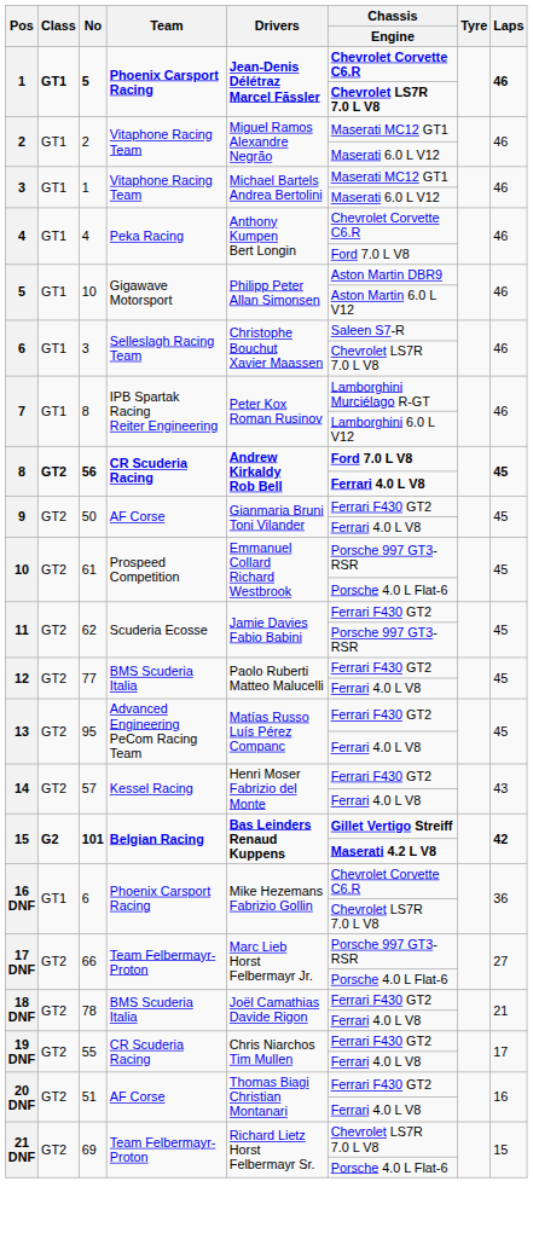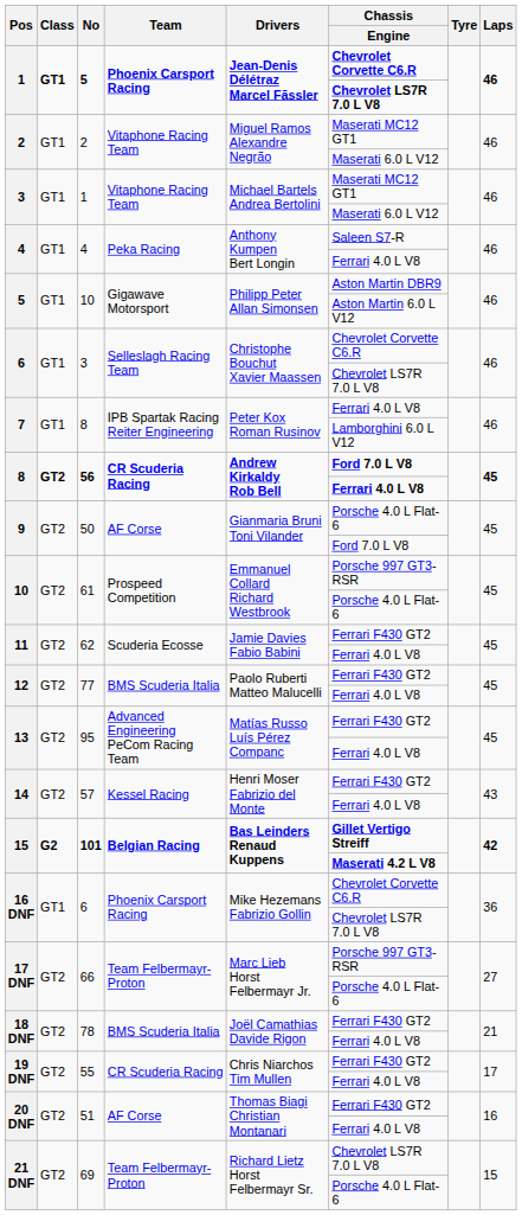 <table class="wikitable" style="font-size: 95%;">
 <tr>
 <th rowspan=2>Pos</th>
 <th rowspan=2>Class</th>
 <th rowspan=2>No</th>
 <th rowspan=2>Team</th>
 <th rowspan=2>Drivers</th>
 <th>Chassis</th>
 <th rowspan=2>Tyre</th>
 <th rowspan=2>Laps</th>
 </tr>
 <tr>
 <th>Engine</th>
 </tr>
 <tr style="font-weight:bold">
 <th rowspan=2>1</th>
 <td rowspan=2>GT1</td>
 <td rowspan=2>5</td>
 <td rowspan=2> <a href='#'>Phoenix Carsport Racing</a></td>
 <td rowspan=2> <a href='#'>Jean-Denis Délétraz</a><br> <a href='#'>Marcel Fāssler</a></td>
 <td><a href='#'>Chevrolet Corvette C6.R</a></td>
 <td rowspan=2></td>
 <td rowspan=2>46</td>
 </tr>
 <tr style="font-weight:bold">
 <td><a href='#'>Chevrolet</a> LS7R 7.0 L V8</td>
 </tr>
 <tr>
 <th rowspan=2>2</th>
 <td rowspan=2>GT1</td>
 <td rowspan=2>2</td>
 <td rowspan=2> <a href='#'>Vitaphone Racing Team</a></td>
 <td rowspan=2> <a href='#'>Miguel Ramos</a><br> <a href='#'>Alexandre Negrão</a></td>
 <td><a href='#'>Maserati MC12</a> GT1</td>
 <td rowspan=2></td>
 <td rowspan=2>46</td>
 </tr>
 <tr>
 <td><a href='#'>Maserati</a> 6.0 L V12</td>
 </tr>
 <tr>
 <th rowspan=2>3</th>
 <td rowspan=2>GT1</td>
 <td rowspan=2>1</td>
 <td rowspan=2> <a href='#'>Vitaphone Racing Team</a></td>
 <td rowspan=2> <a href='#'>Michael Bartels</a><br> <a href='#'>Andrea Bertolini</a></td>
 <td><a href='#'>Maserati MC12</a> GT1</td>
 <td rowspan=2></td>
 <td rowspan=2>46</td>
 </tr>
 <tr>
 <td><a href='#'>Maserati</a> 6.0 L V12</td>
 </tr>
 <tr>
 <th rowspan=2>4</th>
 <td rowspan=2>GT1</td>
 <td rowspan=2>4</td>
 <td rowspan=2> <a href='#'>Peka Racing</a></td>
 <td rowspan=2> <a href='#'>Anthony Kumpen</a><br> Bert Longin</td>
-<td><a href='#'>Chevrolet Corvette C6.R</a></td>
+<td><a href='#'>Saleen S7</a>-R</td>
 <td rowspan=2></td>
 <td rowspan=2>46</td>
 </tr>
 <tr>
-<td><a href='#'>Ford</a> 7.0 L V8</td>
+<td><a href='#'>Ferrari</a> 4.0 L V8</td>
 </tr>
 <tr>
 <th rowspan=2>5</th>
 <td rowspan=2>GT1</td>
 <td rowspan=2>10</td>
 <td rowspan=2> Gigawave Motorsport</td>
 <td rowspan=2> <a href='#'>Philipp Peter</a><br> <a href='#'>Allan Simonsen</a></td>
 <td><a href='#'>Aston Martin DBR9</a></td>
 <td rowspan=2></td>
 <td rowspan=2>46</td>
 </tr>
 <tr>
 <td><a href='#'>Aston Martin</a> 6.0 L V12</td>
 </tr>
 <tr>
 <th rowspan=2>6</th>
 <td rowspan=2>GT1</td>
 <td rowspan=2>3</td>
 <td rowspan=2> <a href='#'>Selleslagh Racing Team</a></td>
 <td rowspan=2> <a href='#'>Christophe Bouchut</a><br> <a href='#'>Xavier Maassen</a></td>
-<td><a href='#'>Saleen S7</a>-R</td>
+<td><a href='#'>Chevrolet Corvette C6.R</a></td>
 <td rowspan=2></td>
 <td rowspan=2>46</td>
 </tr>
 <tr>
 <td><a href='#'>Chevrolet</a> LS7R 7.0 L V8</td>
 </tr>
 <tr>
 <th rowspan=2>7</th>
 <td rowspan=2>GT1</td>
 <td rowspan=2>8</td>
 <td rowspan=2> IPB Spartak Racing<br> <a href='#'>Reiter Engineering</a></td>
 <td rowspan=2> <a href='#'>Peter Kox</a><br> <a href='#'>Roman Rusinov</a></td>
-<td><a href='#'>Lamborghini Murciélago</a> R-GT</td>
+<td><a href='#'>Ferrari</a> 4.0 L V8</td>
 <td rowspan=2></td>
 <td rowspan=2>46</td>
 </tr>
 <tr>
 <td><a href='#'>Lamborghini</a> 6.0 L V12</td>
 </tr>
 <tr style="font-weight:bold">
 <th rowspan=2>8</th>
 <td rowspan=2>GT2</td>
 <td rowspan=2>56</td>
 <td rowspan=2> <a href='#'>CR Scuderia Racing</a></td>
 <td rowspan=2> <a href='#'>Andrew Kirkaldy</a><br> <a href='#'>Rob Bell</a></td>
 <td><a href='#'>Ford</a> 7.0 L V8</td>
 <td rowspan=2></td>
 <td rowspan=2>45</td>
 </tr>
 <tr style="font-weight:bold">
 <td><a href='#'>Ferrari</a> 4.0 L V8</td>
 </tr>
 <tr>
 <th rowspan=2>9</th>
 <td rowspan=2>GT2</td>
 <td rowspan=2>50</td>
 <td rowspan=2> <a href='#'>AF Corse</a></td>
 <td rowspan=2> <a href='#'>Gianmaria Bruni</a><br> <a href='#'>Toni Vilander</a></td>
-<td><a href='#'>Ferrari F430</a> GT2</td>
+<td><a href='#'>Porsche</a> 4.0 L Flat-6</td>
 <td rowspan=2></td>
 <td rowspan=2>45</td>
 </tr>
 <tr>
-<td><a href='#'>Ferrari</a> 4.0 L V8</td>
+<td><a href='#'>Ford</a> 7.0 L V8</td>
 </tr>
 <tr>
 <th rowspan=2>10</th>
 <td rowspan=2>GT2</td>
 <td rowspan=2>61</td>
 <td rowspan=2> Prospeed Competition</td>
 <td rowspan=2> <a href='#'>Emmanuel Collard</a><br> <a href='#'>Richard Westbrook</a></td>
 <td><a href='#'>Porsche 997 GT3</a>-RSR</td>
 <td rowspan=2></td>
 <td rowspan=2>45</td>
 </tr>
 <tr>
 <td><a href='#'>Porsche</a> 4.0 L Flat-6</td>
 </tr>
 <tr>
 <th rowspan=2>11</th>
 <td rowspan=2>GT2</td>
 <td rowspan=2>62</td>
 <td rowspan=2> Scuderia Ecosse</td>
 <td rowspan=2> <a href='#'>Jamie Davies</a><br> <a href='#'>Fabio Babini</a></td>
 <td><a href='#'>Ferrari F430</a> GT2</td>
 <td rowspan=2></td>
 <td rowspan=2>45</td>
 </tr>
 <tr>
-<td><a href='#'>Porsche 997 GT3</a>-RSR</td>
+<td><a href='#'>Ferrari</a> 4.0 L V8</td>
 </tr>
 <tr>
 <th rowspan=2>12</th>
 <td rowspan=2>GT2</td>
 <td rowspan=2>77</td>
 <td rowspan=2> <a href='#'>BMS Scuderia Italia</a></td>
 <td rowspan=2> Paolo Ruberti<br> Matteo Malucelli</td>
 <td><a href='#'>Ferrari F430</a> GT2</td>
 <td rowspan=2></td>
 <td rowspan=2>45</td>
 </tr>
 <tr>
 <td><a href='#'>Ferrari</a> 4.0 L V8</td>
 </tr>
 <tr>
 <th rowspan=2>13</th>
 <td rowspan=2>GT2</td>
 <td rowspan=2>95</td>
 <td rowspan=2> <a href='#'>Advanced Engineering</a><br> PeCom Racing Team</td>
 <td rowspan=2> <a href='#'>Matías Russo</a><br> <a href='#'>Luís Pérez Companc</a></td>
 <td><a href='#'>Ferrari F430</a> GT2</td>
 <td rowspan=2></td>
 <td rowspan=2>45</td>
 </tr>
 <tr>
 <td><a href='#'>Ferrari</a> 4.0 L V8</td>
 </tr>
 <tr>
 <th rowspan=2>14</th>
 <td rowspan=2>GT2</td>
 <td rowspan=2>57</td>
 <td rowspan=2> <a href='#'>Kessel Racing</a></td>
 <td rowspan=2> Henri Moser<br> <a href='#'>Fabrizio del Monte</a></td>
 <td><a href='#'>Ferrari F430</a> GT2</td>
 <td rowspan=2></td>
 <td rowspan=2>43</td>
 </tr>
 <tr>
 <td><a href='#'>Ferrari</a> 4.0 L V8</td>
 </tr>
 <tr style="font-weight:bold">
 <th rowspan=2>15</th>
 <td rowspan=2>G2</td>
 <td rowspan=2>101</td>
 <td rowspan=2> <a href='#'>Belgian Racing</a></td>
 <td rowspan=2> <a href='#'>Bas Leinders</a><br> Renaud Kuppens</td>
 <td><a href='#'>Gillet Vertigo</a> Streiff</td>
 <td rowspan=2></td>
 <td rowspan=2>42</td>
 </tr>
 <tr style="font-weight:bold">
 <td><a href='#'>Maserati</a> 4.2 L V8</td>
 </tr>
 <tr>
 <th rowspan=2>16<br>DNF</th>
 <td rowspan=2>GT1</td>
 <td rowspan=2>6</td>
 <td rowspan=2> <a href='#'>Phoenix Carsport Racing</a></td>
 <td rowspan=2> Mike Hezemans<br> <a href='#'>Fabrizio Gollin</a></td>
 <td><a href='#'>Chevrolet Corvette C6.R</a></td>
 <td rowspan=2></td>
 <td rowspan=2>36</td>
 </tr>
 <tr>
 <td><a href='#'>Chevrolet</a> LS7R 7.0 L V8</td>
 </tr>
 <tr>
 <th rowspan=2>17<br>DNF</th>
 <td rowspan=2>GT2</td>
 <td rowspan=2>66</td>
 <td rowspan=2> <a href='#'>Team Felbermayr-Proton</a></td>
 <td rowspan=2> <a href='#'>Marc Lieb</a><br> Horst Felbermayr Jr.</td>
 <td><a href='#'>Porsche 997 GT3</a>-RSR</td>
 <td rowspan=2></td>
 <td rowspan=2>27</td>
 </tr>
 <tr>
 <td><a href='#'>Porsche</a> 4.0 L Flat-6</td>
 </tr>
 <tr>
 <th rowspan=2>18<br>DNF</th>
 <td rowspan=2>GT2</td>
 <td rowspan=2>78</td>
 <td rowspan=2> <a href='#'>BMS Scuderia Italia</a></td>
 <td rowspan=2> <a href='#'>Joël Camathias</a><br> <a href='#'>Davide Rigon</a></td>
 <td><a href='#'>Ferrari F430</a> GT2</td>
 <td rowspan=2></td>
 <td rowspan=2>21</td>
 </tr>
 <tr>
 <td><a href='#'>Ferrari</a> 4.0 L V8</td>
 </tr>
 <tr>
 <th rowspan=2>19<br>DNF</th>
 <td rowspan=2>GT2</td>
 <td rowspan=2>55</td>
 <td rowspan=2> <a href='#'>CR Scuderia Racing</a></td>
 <td rowspan=2> Chris Niarchos<br> <a href='#'>Tim Mullen</a></td>
 <td><a href='#'>Ferrari F430</a> GT2</td>
 <td rowspan=2></td>
 <td rowspan=2>17</td>
 </tr>
 <tr>
 <td><a href='#'>Ferrari</a> 4.0 L V8</td>
 </tr>
 <tr>
 <th rowspan=2>20<br>DNF</th>
 <td rowspan=2>GT2</td>
 <td rowspan=2>51</td>
 <td rowspan=2> <a href='#'>AF Corse</a></td>
 <td rowspan=2> <a href='#'>Thomas Biagi</a><br> <a href='#'>Christian Montanari</a></td>
 <td><a href='#'>Ferrari F430</a> GT2</td>
 <td rowspan=2></td>
 <td rowspan=2>16</td>
 </tr>
 <tr>
 <td><a href='#'>Ferrari</a> 4.0 L V8</td>
 </tr>
 <tr>
 <th rowspan=2>21<br>DNF</th>
 <td rowspan=2>GT2</td>
 <td rowspan=2>69</td>
 <td rowspan=2> <a href='#'>Team Felbermayr-Proton</a></td>
 <td rowspan=2> <a href='#'>Richard Lietz</a><br> Horst Felbermayr Sr.</td>
 <td><a href='#'>Chevrolet</a> LS7R 7.0 L V8</td>
 <td rowspan=2></td>
 <td rowspan=2>15</td>
 </tr>
 <tr>
 <td><a href='#'>Porsche</a> 4.0 L Flat-6</td>
 </tr>
 </table>
